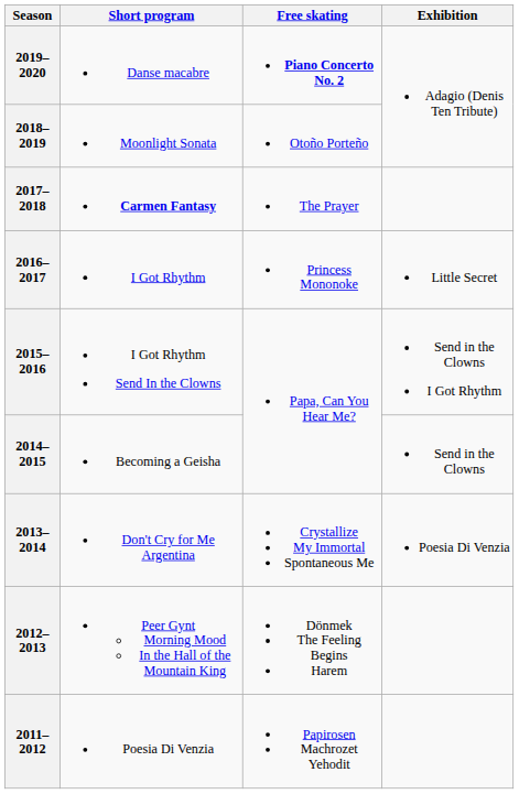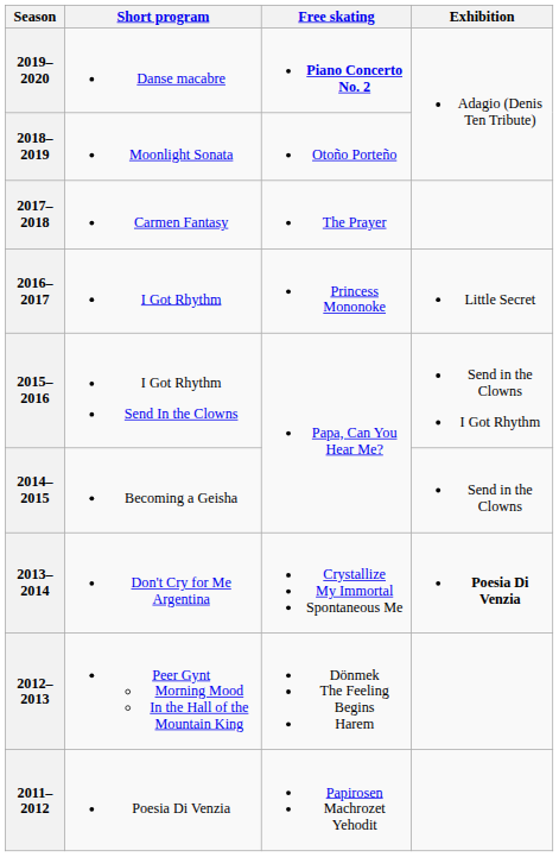 <table class=wikitable style=text-align:center>
 <tr>
 <th>Season</th>
 <th><a href='#'>Short program</a></th>
 <th><a href='#'>Free skating</a></th>
 <th>Exhibition</th>
 </tr>
 <tr>
 <th>2019–2020 <br> </th>
 <td><br><ul><li><a href='#'>Danse macabre</a> <br> </li></ul></td>
 <td><strong><br><ul><li><a href='#'>Piano Concerto No. 2</a> <br> </li></ul></strong></td>
 <td rowspan=2><br><ul><li>Adagio (Denis Ten Tribute)<br> </li></ul></td>
 </tr>
 <tr>
 <th>2018–2019 <br> </th>
 <td><br><ul><li><a href='#'>Moonlight Sonata</a> <br> </li></ul></td>
 <td><br><ul><li><a href='#'>Otoño Porteño</a> <br> </li></ul></td>
 </tr>
 <tr>
 <th>2017–2018 <br> </th>
-<td><strong><br><ul><li><a href='#'>Carmen Fantasy</a> <br></li></ul></strong></td>
+<td><br><ul><li><a href='#'>Carmen Fantasy</a> <br></li></ul></td>
 <td><br><ul><li><a href='#'>The Prayer</a> <br></li></ul></td>
 <td></td>
 </tr>
 <tr>
 <th>2016–2017 <br> </th>
 <td><br><ul><li><a href='#'>I Got Rhythm</a> <br></li></ul></td>
 <td><br><ul><li><a href='#'>Princess Mononoke</a> <br></li></ul></td>
 <td><br><ul><li>Little Secret <br></li></ul></td>
 </tr>
 <tr>
 <th>2015–2016 <br> </th>
 <td><br><ul><li>I Got Rhythm <br></li></ul><ul><li><a href='#'>Send In the Clowns</a> <br></li></ul></td>
 <td rowspan=2><br><ul><li><a href='#'>Papa, Can You Hear Me?</a> <br></li></ul></td>
 <td><br><ul><li>Send in the Clowns <br></li></ul><ul><li>I Got Rhythm <br></li></ul></td>
 </tr>
 <tr>
 <th>2014–2015 <br> </th>
 <td><br><ul><li>Becoming a Geisha <br></li></ul></td>
 <td><br><ul><li>Send in the Clowns <br> </li></ul></td>
 </tr>
 <tr>
 <th>2013–2014 <br> </th>
 <td><br><ul><li><a href='#'>Don't Cry for Me Argentina</a> <br></li></ul></td>
 <td><br><ul><li><a href='#'>Crystallize</a></li><li><a href='#'>My Immortal</a></li><li>Spontaneous Me <br></li></ul></td>
-<td><br><ul><li>Poesia Di Venzia <br></li></ul></td>
+<td><strong><br><ul><li>Poesia Di Venzia <br></li></ul></strong></td>
 </tr>
 <tr>
 <th>2012–2013</th>
 <td><br><ul><li><a href='#'>Peer Gynt</a> <br><ul><li><a href='#'>Morning Mood</a></li><li><a href='#'>In the Hall of the Mountain King</a> <br></li></ul></li></ul></td>
 <td><br><ul><li>Dönmek <br></li><li>The Feeling Begins <br></li><li>Harem <br></li></ul></td>
 <td></td>
 </tr>
 <tr>
 <th>2011–2012</th>
 <td><br><ul><li>Poesia Di Venzia <br></li></ul></td>
 <td><br><ul><li><a href='#'>Papirosen</a></li><li>Machrozet Yehodit <br></li></ul></td>
 <td></td>
 </tr>
 </table>
